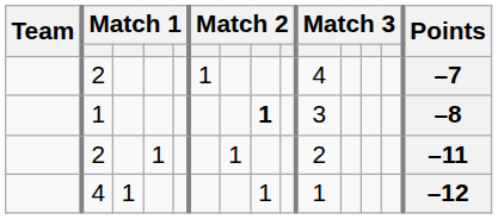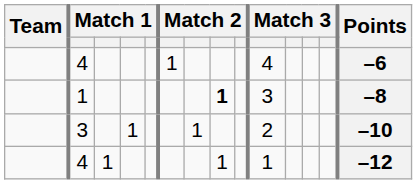 <table class="wikitable sortable" style="text-align:center;">
 <tr>
 <th rowspan=2>Team</th>
 <th colspan=4 style="border-left:3px solid gray">Match 1</th>
 <th colspan=4 style="border-left:3px solid gray">Match 2</th>
 <th colspan=4 style="border-left:3px solid gray">Match 3</th>
 <th rowspan=2 style="border-left:3px solid gray">Points</th>
 </tr>
 <tr>
 <th style="border-left:3px solid gray"></th>
 <th></th>
 <th></th>
 <th></th>
 <th style="border-left:3px solid gray"></th>
 <th></th>
 <th></th>
 <th></th>
 <th style="border-left:3px solid gray"></th>
 <th></th>
 <th></th>
 <th></th>
 </tr>
 <tr>
 <td align=left></td>
-<td style="border-left:3px solid gray">2</td>
+<td style="border-left:3px solid gray">4</td>
 <td></td>
 <td></td>
 <td></td>
 <td style="border-left:3px solid gray">1</td>
 <td></td>
 <td></td>
 <td></td>
 <td style="border-left:3px solid gray">4</td>
 <td></td>
 <td></td>
 <td></td>
-<th style="border-left:3px solid gray">–7</th>
+<th style="border-left:3px solid gray">–6</th>
 </tr>
 <tr>
 <td align=left></td>
 <td style="border-left:3px solid gray">1</td>
 <td></td>
 <td></td>
 <td></td>
 <td style="border-left:3px solid gray"></td>
 <td></td>
 <td><strong>1</strong></td>
 <td></td>
 <td style="border-left:3px solid gray">3</td>
 <td></td>
 <td></td>
 <td></td>
 <th style="border-left:3px solid gray">–8</th>
 </tr>
 <tr>
 <td align=left></td>
-<td style="border-left:3px solid gray">2</td>
+<td style="border-left:3px solid gray">3</td>
 <td></td>
 <td>1</td>
 <td></td>
 <td style="border-left:3px solid gray"></td>
 <td>1</td>
 <td></td>
 <td></td>
 <td style="border-left:3px solid gray">2</td>
 <td></td>
 <td></td>
 <td></td>
-<th style="border-left:3px solid gray">–11</th>
+<th style="border-left:3px solid gray">–10</th>
 </tr>
 <tr>
 <td align=left></td>
 <td style="border-left:3px solid gray">4</td>
 <td>1</td>
 <td></td>
 <td></td>
 <td style="border-left:3px solid gray"></td>
 <td></td>
 <td>1</td>
 <td></td>
 <td style="border-left:3px solid gray">1</td>
 <td></td>
 <td></td>
 <td></td>
 <th style="border-left:3px solid gray">–12</th>
 </tr>
 </table>
